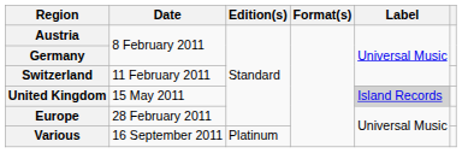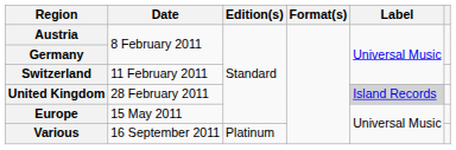 <table class="wikitable plainrowheaders">
 <tr>
 <th scope="col">Region</th>
 <th scope="col">Date</th>
 <th scope="col">Edition(s)</th>
 <th scope="col">Format(s)</th>
 <th scope="col">Label</th>
 <th scope="col"></th>
 </tr>
 <tr>
 <th scope="row">Austria</th>
 <td rowspan="2">8 February 2011</td>
 <td rowspan="5">Standard</td>
 <td rowspan="6"></td>
 <td rowspan="3"><a href='#'>Universal Music</a></td>
 <td rowspan="2"></td>
 </tr>
 <tr>
 <th scope="row">Germany</th>
 </tr>
 <tr>
 <th scope="row">Switzerland</th>
 <td>11 February 2011</td>
 <td></td>
 </tr>
 <tr>
 <th scope="row">United Kingdom</th>
-<td>15 May 2011</td>
+<td>28 February 2011</td>
 <td style="background: lightgrey;"><a href='#'>Island Records</a></td>
 <td></td>
 </tr>
 <tr>
 <th scope="row">Europe</th>
-<td>28 February 2011</td>
+<td>15 May 2011</td>
 <td rowspan="2">Universal Music</td>
 <td></td>
 </tr>
 <tr>
 <th scope="row">Various</th>
 <td>16 September 2011</td>
 <td>Platinum</td>
 <td></td>
 </tr>
 </table>
